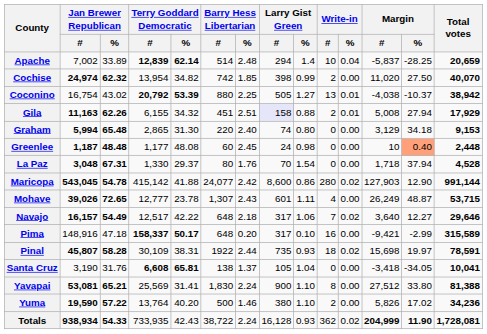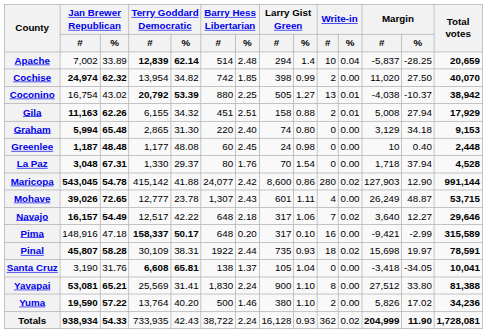 <table class="wikitable sortable" style="text-align:right;font-size:90%;line-height:1.3">
 <tr>
 <th rowspan=2>County</th>
 <th colspan=2><a href='#'>Jan Brewer</a><br><a href='#'>Republican</a></th>
 <th colspan=2><a href='#'>Terry Goddard</a><br><a href='#'>Democratic</a></th>
 <th colspan=2><a href='#'>Barry Hess</a><br><a href='#'>Libertarian</a></th>
 <th colspan=2>Larry Gist<br><a href='#'>Green</a></th>
 <th colspan=2><a href='#'>Write-in</a></th>
 <th colspan=2>Margin</th>
 <th rowspan=2>Total<br>votes</th>
 </tr>
 <tr>
 <th data-sort-type="number">#</th>
 <th data-sort-type="number">%</th>
 <th data-sort-type="number">#</th>
 <th data-sort-type="number">%</th>
 <th data-sort-type="number">#</th>
 <th data-sort-type="number">%</th>
 <th data-sort-type="number">#</th>
 <th data-sort-type="number">%</th>
 <th data-sort-type="number">#</th>
 <th data-sort-type="number">%</th>
 <th data-sort-type="number">#</th>
 <th data-sort-type="number">%</th>
 </tr>
 <tr>
 <th><a href='#'>Apache</a></th>
 <td>7,002</td>
 <td>33.89</td>
 <td><strong>12,839</strong></td>
 <td><strong>62.14</strong></td>
 <td>514</td>
 <td>2.48</td>
 <td>294</td>
 <td>1.4</td>
 <td>10</td>
 <td>0.04</td>
 <td>-5,837</td>
 <td>-28.25</td>
 <td><strong>20,659</strong></td>
 </tr>
 <tr>
 <th><a href='#'>Cochise</a></th>
 <td><strong>24,974</strong></td>
 <td><strong>62.32</strong></td>
 <td>13,954</td>
 <td>34.82</td>
 <td>742</td>
 <td>1.85</td>
 <td>398</td>
 <td>0.99</td>
 <td>2</td>
 <td>0.00</td>
 <td>11,020</td>
 <td>27.50</td>
 <td><strong>40,070</strong></td>
 </tr>
 <tr>
 <th><a href='#'>Coconino</a></th>
 <td>16,754</td>
 <td>43.02</td>
 <td><strong>20,792</strong></td>
 <td><strong>53.39</strong></td>
 <td>880</td>
 <td>2.25</td>
 <td>505</td>
 <td>1.27</td>
 <td>13</td>
 <td>0.01</td>
 <td>-4,038</td>
 <td>-10.37</td>
 <td><strong>38,942</strong></td>
 </tr>
 <tr>
 <th><a href='#'>Gila</a></th>
 <td><strong>11,163</strong></td>
 <td><strong>62.26</strong></td>
 <td>6,155</td>
 <td>34.32</td>
 <td>451</td>
 <td>2.51</td>
-<td style="background: lavender;">158</td>
+<td>158</td>
 <td>0.88</td>
 <td>2</td>
 <td>0.01</td>
 <td>5,008</td>
 <td>27.94</td>
 <td><strong>17,929</strong></td>
 </tr>
 <tr>
 <th><a href='#'>Graham</a></th>
 <td><strong>5,994</strong></td>
 <td><strong>65.48</strong></td>
 <td>2,865</td>
 <td>31.30</td>
 <td>220</td>
 <td>2.40</td>
 <td>74</td>
 <td>0.80</td>
 <td>0</td>
 <td>0.00</td>
 <td>3,129</td>
 <td>34.18</td>
 <td><strong>9,153</strong></td>
 </tr>
 <tr>
 <th><a href='#'>Greenlee</a></th>
 <td><strong>1,187</strong></td>
 <td><strong>48.48</strong></td>
 <td>1,177</td>
 <td>48.08</td>
 <td>60</td>
 <td>2.45</td>
 <td>24</td>
 <td>0.98</td>
 <td>0</td>
 <td>0.00</td>
 <td>10</td>
-<td style="background: lightsalmon;">0.40</td>
+<td>0.40</td>
 <td><strong>2,448</strong></td>
 </tr>
 <tr>
 <th><a href='#'>La Paz</a></th>
 <td><strong>3,048</strong></td>
 <td><strong>67.31</strong></td>
 <td>1,330</td>
 <td>29.37</td>
 <td>80</td>
 <td>1.76</td>
 <td>70</td>
 <td>1.54</td>
 <td>0</td>
 <td>0.00</td>
 <td>1,718</td>
 <td>37.94</td>
 <td><strong>4,528</strong></td>
 </tr>
 <tr>
 <th><a href='#'>Maricopa</a></th>
 <td><strong>543,045</strong></td>
 <td><strong>54.78</strong></td>
 <td>415,142</td>
 <td>41.88</td>
 <td>24,077</td>
 <td>2.42</td>
 <td>8,600</td>
 <td>0.86</td>
 <td>280</td>
 <td>0.02</td>
 <td>127,903</td>
 <td>12.90</td>
 <td><strong>991,144</strong></td>
 </tr>
 <tr>
 <th><a href='#'>Mohave</a></th>
 <td><strong>39,026</strong></td>
 <td><strong>72.65</strong></td>
 <td>12,777</td>
 <td>23.78</td>
 <td>1,307</td>
 <td>2.43</td>
 <td>601</td>
 <td>1.11</td>
 <td>4</td>
 <td>0.00</td>
 <td>26,249</td>
 <td>48.87</td>
 <td><strong>53,715</strong></td>
 </tr>
 <tr>
 <th><a href='#'>Navajo</a></th>
 <td><strong>16,157</strong></td>
 <td><strong>54.49</strong></td>
 <td>12,517</td>
 <td>42.22</td>
 <td>648</td>
 <td>2.18</td>
 <td>317</td>
 <td>1.06</td>
 <td>7</td>
 <td>0.02</td>
 <td>3,640</td>
 <td>12.27</td>
 <td><strong>29,646</strong></td>
 </tr>
 <tr>
 <th><a href='#'>Pima</a></th>
 <td>148,916</td>
 <td>47.18</td>
 <td><strong>158,337</strong></td>
 <td><strong>50.17</strong></td>
 <td>648</td>
 <td>0.20</td>
 <td>317</td>
 <td>0.10</td>
 <td>16</td>
 <td>0.00</td>
 <td>-9,421</td>
 <td>-2.99</td>
 <td><strong>315,589</strong></td>
 </tr>
 <tr>
 <th><a href='#'>Pinal</a></th>
 <td><strong>45,807</strong></td>
 <td><strong>58.28</strong></td>
 <td>30,109</td>
 <td>38.31</td>
 <td>1922</td>
 <td>2.44</td>
 <td>735</td>
 <td>0.93</td>
 <td>18</td>
 <td>0.02</td>
 <td>15,698</td>
 <td>19.97</td>
 <td><strong>78,591</strong></td>
 </tr>
 <tr>
 <th><a href='#'>Santa Cruz</a></th>
 <td>3,190</td>
 <td>31.76</td>
 <td><strong>6,608</strong></td>
 <td><strong>65.81</strong></td>
 <td>138</td>
 <td>1.37</td>
 <td>105</td>
 <td>1.04</td>
 <td>0</td>
 <td>0.00</td>
 <td>-3,418</td>
 <td>-34.05</td>
 <td><strong>10,041</strong></td>
 </tr>
 <tr>
 <th><a href='#'>Yavapai</a></th>
 <td><strong>53,081</strong></td>
 <td><strong>65.21</strong></td>
 <td>25,569</td>
 <td>31.41</td>
 <td>1,830</td>
 <td>2.24</td>
 <td>900</td>
 <td>1.10</td>
 <td>8</td>
 <td>0.00</td>
 <td>27,512</td>
 <td>33.80</td>
 <td><strong>81,388</strong></td>
 </tr>
 <tr>
 <th><a href='#'>Yuma</a></th>
 <td><strong>19,590</strong></td>
 <td><strong>57.22</strong></td>
 <td>13,764</td>
 <td>40.20</td>
 <td>500</td>
 <td>1.46</td>
 <td>380</td>
 <td>1.10</td>
 <td>2</td>
 <td>0.00</td>
 <td>5,826</td>
 <td>17.02</td>
 <td><strong>34,236</strong></td>
 </tr>
 <tr class="sortbottom">
 <th>Totals</th>
 <td><strong>938,934</strong></td>
 <td><strong>54.33</strong></td>
 <td>733,935</td>
 <td>42.43</td>
 <td>38,722</td>
 <td>2.24</td>
 <td>16,128</td>
 <td>0.93</td>
 <td>362</td>
 <td>0.02</td>
 <td><strong>204,999</strong></td>
 <td><strong>11.90</strong></td>
 <td><strong>1,728,081</strong></td>
 </tr>
 </table>
